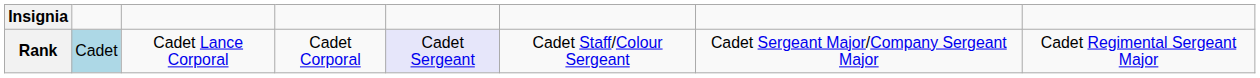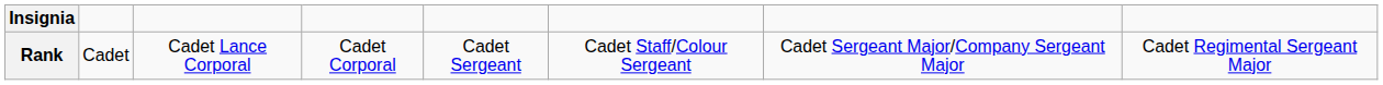 <table class="wikitable" style="margin:1em auto;">
 <tr align="center">
 <th>Insignia</th>
 <td></td>
 <td></td>
 <td></td>
 <td></td>
 <td></td>
 <td></td>
 <td></td>
 </tr>
 <tr align="center">
 <th>Rank</th>
-<td style="background: lightblue;">Cadet</td>
+<td>Cadet</td>
 <td>Cadet <a href='#'>Lance Corporal</a></td>
 <td>Cadet <a href='#'>Corporal</a></td>
-<td style="background: lavender;">Cadet <a href='#'>Sergeant</a></td>
+<td>Cadet <a href='#'>Sergeant</a></td>
 <td>Cadet <a href='#'>Staff</a>/<a href='#'>Colour Sergeant</a></td>
 <td>Cadet <a href='#'>Sergeant Major</a>/<a href='#'>Company Sergeant Major</a></td>
 <td>Cadet <a href='#'>Regimental Sergeant Major</a></td>
 </tr>
 </table>
